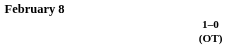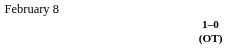 <table style="width:100%;" cellspacing="1">
 <tr>
 <th width=25%></th>
 <th width=2%></th>
 <th width=6%></th>
 <th width=2%></th>
 <th width=25%></th>
 </tr>
 <tr>
-<td><strong>February 8</strong></td>
+<td>February 8</td>
 </tr>
 <tr style=font-size:90%>
 <td align=right><strong></strong></td>
 <td></td>
 <td align=center><strong>1–0 (OT)</strong></td>
 <td></td>
 <td><strong></strong></td>
 <td></td>
 </tr>
 </table>
